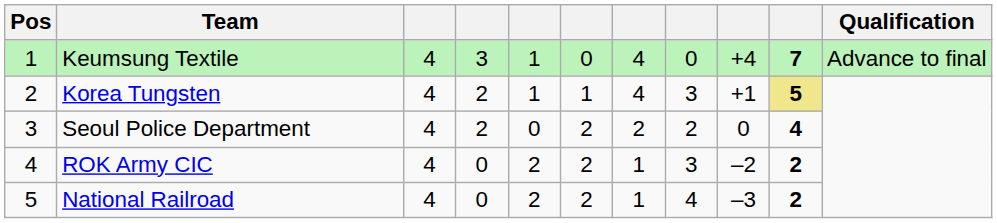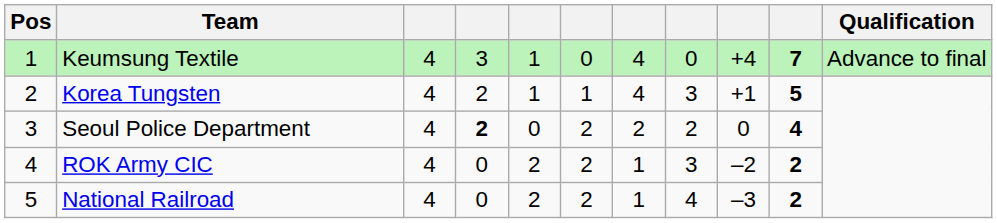 <table class="wikitable" style="text-align:center;">
 <tr>
 <th width=30>Pos</th>
 <th width=240>Team</th>
 <th width=30></th>
 <th width=30></th>
 <th width=30></th>
 <th width=30></th>
 <th width=30></th>
 <th width=30></th>
 <th width=30></th>
 <th width=30></th>
 <th>Qualification</th>
 </tr>
 <tr bgcolor=#BBF3BB>
 <td>1</td>
 <td align=left>Keumsung Textile</td>
 <td>4</td>
 <td>3</td>
 <td>1</td>
 <td>0</td>
 <td>4</td>
 <td>0</td>
 <td>+4</td>
 <td><strong>7</strong></td>
 <td>Advance to final</td>
 </tr>
 <tr>
 <td>2</td>
 <td align=left><a href='#'>Korea Tungsten</a></td>
 <td>4</td>
 <td>2</td>
 <td>1</td>
 <td>1</td>
 <td>4</td>
 <td>3</td>
 <td>+1</td>
-<td style="background: khaki;"><strong>5</strong></td>
+<td><strong>5</strong></td>
 <td rowspan=4></td>
 </tr>
 <tr>
 <td>3</td>
 <td align=left>Seoul Police Department</td>
 <td>4</td>
-<td>2</td>
+<td><strong>2</strong></td>
 <td>0</td>
 <td>2</td>
 <td>2</td>
 <td>2</td>
 <td>0</td>
 <td><strong>4</strong></td>
 </tr>
 <tr>
 <td>4</td>
 <td align=left><a href='#'>ROK Army CIC</a></td>
 <td>4</td>
 <td>0</td>
 <td>2</td>
 <td>2</td>
 <td>1</td>
 <td>3</td>
 <td>–2</td>
 <td><strong>2</strong></td>
 </tr>
 <tr>
 <td>5</td>
 <td align=left><a href='#'>National Railroad</a></td>
 <td>4</td>
 <td>0</td>
 <td>2</td>
 <td>2</td>
 <td>1</td>
 <td>4</td>
 <td>–3</td>
 <td><strong>2</strong></td>
 </tr>
 </table>
